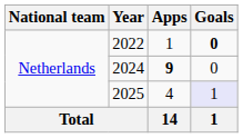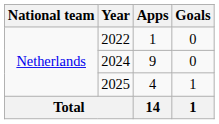 <table class="wikitable" style="text-align:center">
 <tr>
 <th>National team</th>
 <th>Year</th>
 <th>Apps</th>
 <th>Goals</th>
 </tr>
 <tr>
 <td rowspan="3"><a href='#'>Netherlands</a></td>
 <td>2022</td>
 <td>1</td>
-<td><strong>0</strong></td>
+<td>0</td>
 </tr>
 <tr>
 <td>2024</td>
-<td><strong>9</strong></td>
+<td>9</td>
 <td>0</td>
 </tr>
 <tr>
 <td>2025</td>
 <td>4</td>
-<td style="background: lavender;">1</td>
+<td>1</td>
 </tr>
 <tr>
 <th colspan="2">Total</th>
 <th>14</th>
 <th>1</th>
 </tr>
 </table>
